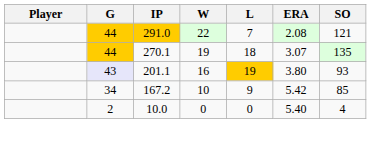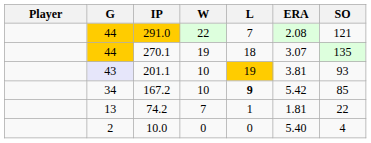 <table class="wikitable sortable">
 <tr>
 <th bgcolor="#DDDDFF" width="16%">Player</th>
 <th bgcolor="#DDDDFF" width="9%">G</th>
 <th bgcolor="#DDDDFF" width="9%">IP</th>
 <th bgcolor="#DDDDFF" width="9%">W</th>
 <th bgcolor="#DDDDFF" width="9%">L</th>
 <th bgcolor="#DDDDFF" width="9%">ERA</th>
 <th bgcolor="#DDDDFF" width="9%">SO</th>
 </tr>
 <tr align="center">
 <td></td>
 <td style="background:#fc0;">44</td>
 <td style="background:#fc0;">291.0</td>
 <td style="background:#DDFFDD;">22</td>
 <td>7</td>
 <td style="background:#DDFFDD;">2.08</td>
 <td>121</td>
 </tr>
 <tr align="center">
 <td></td>
 <td style="background:#fc0;">44</td>
 <td>270.1</td>
 <td>19</td>
 <td>18</td>
 <td>3.07</td>
 <td style="background:#DDFFDD;">135</td>
 </tr>
 <tr align="center">
 <td></td>
 <td style="background: lavender;">43</td>
 <td>201.1</td>
-<td>16</td>
+<td>10</td>
 <td style="background:#fc0;">19</td>
-<td>3.80</td>
+<td>3.81</td>
 <td>93</td>
 </tr>
 <tr align="center">
 <td></td>
 <td>34</td>
 <td>167.2</td>
 <td>10</td>
-<td>9</td>
+<td><strong>9</strong></td>
 <td>5.42</td>
 <td>85</td>
+</tr>
+<tr align="center">
+<td></td>
+<td>13</td>
+<td>74.2</td>
+<td>7</td>
+<td>1</td>
+<td>1.81</td>
+<td>22</td>
 </tr>
 <tr align="center">
 <td></td>
 <td>2</td>
 <td>10.0</td>
 <td>0</td>
 <td>0</td>
 <td>5.40</td>
 <td>4</td>
 </tr>
 </table>
